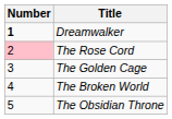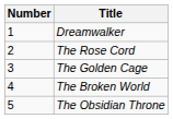 <table class="wikitable">
 <tr>
 <th>Number</th>
 <th>Title</th>
 </tr>
 <tr>
-<td><strong>1</strong></td>
+<td>1</td>
 <td><em>Dreamwalker</em></td>
 </tr>
 <tr>
-<td style="background: pink;">2</td>
+<td>2</td>
 <td><em>The Rose Cord</em></td>
 </tr>
 <tr>
 <td>3</td>
 <td><em>The Golden Cage</em></td>
 </tr>
 <tr>
 <td>4</td>
 <td><em>The Broken World</em></td>
 </tr>
 <tr>
 <td>5</td>
 <td><em>The Obsidian Throne</em></td>
 </tr>
 </table>
